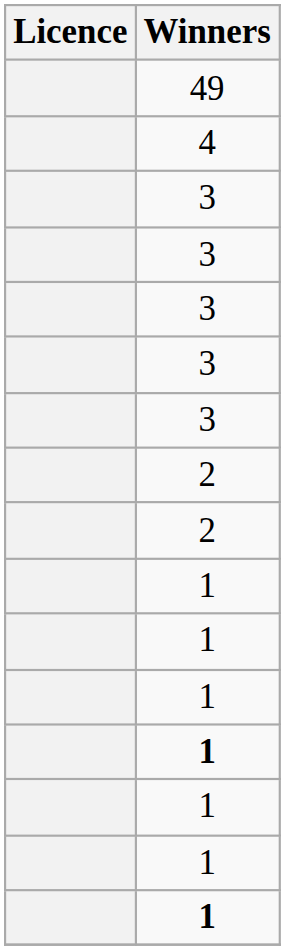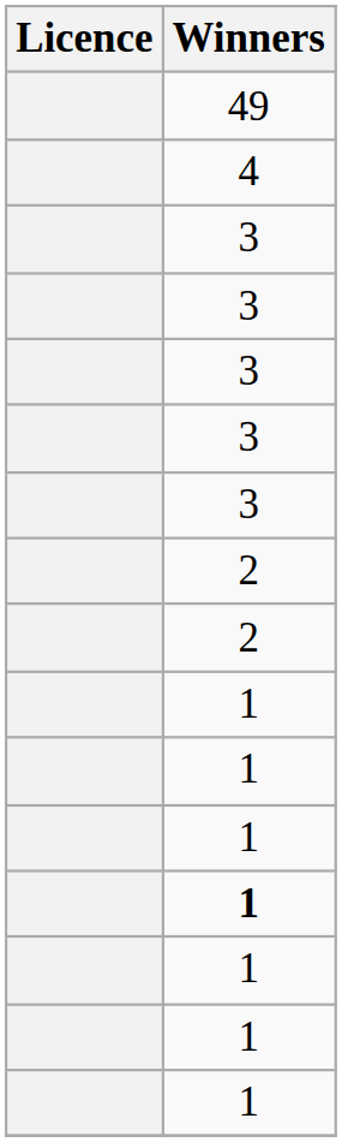 <table class="wikitable plainrowheaders sortable"  style="text-align: center">
 <tr>
 <th scope="col">Licence</th>
 <th scope="col">Winners</th>
 </tr>
 <tr>
 <th scope="row"></th>
 <td>49</td>
 </tr>
 <tr>
 <th scope="row"></th>
 <td>4</td>
 </tr>
 <tr>
 <th scope="row"></th>
 <td>3</td>
 </tr>
 <tr>
 <th scope="row"></th>
 <td>3</td>
 </tr>
 <tr>
 <th scope="row"></th>
 <td>3</td>
 </tr>
 <tr>
 <th scope="row"></th>
 <td>3</td>
 </tr>
 <tr>
 <th scope="row"></th>
 <td>3</td>
 </tr>
 <tr>
 <th scope="row"></th>
 <td>2</td>
 </tr>
 <tr>
 <th scope="row"></th>
 <td>2</td>
 </tr>
 <tr>
 <th scope="row"></th>
 <td>1</td>
 </tr>
 <tr>
 <th scope="row"></th>
 <td>1</td>
 </tr>
 <tr>
 <th scope="row"></th>
 <td>1</td>
 </tr>
 <tr>
 <th scope="row"></th>
 <td><strong>1</strong></td>
 </tr>
 <tr>
 <th scope="row"></th>
 <td>1</td>
 </tr>
 <tr>
 <th scope="row"></th>
 <td>1</td>
 </tr>
 <tr>
 <th scope="row"></th>
-<td><strong>1</strong></td>
+<td>1</td>
 </tr>
 <tr>
 </tr>
 </table>
